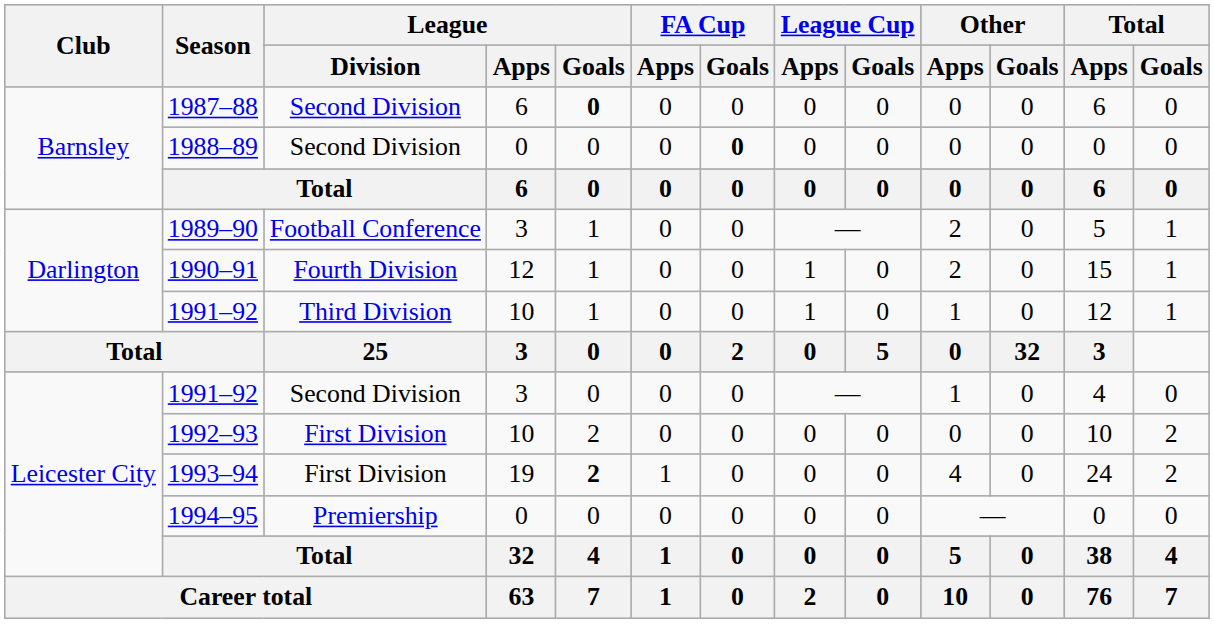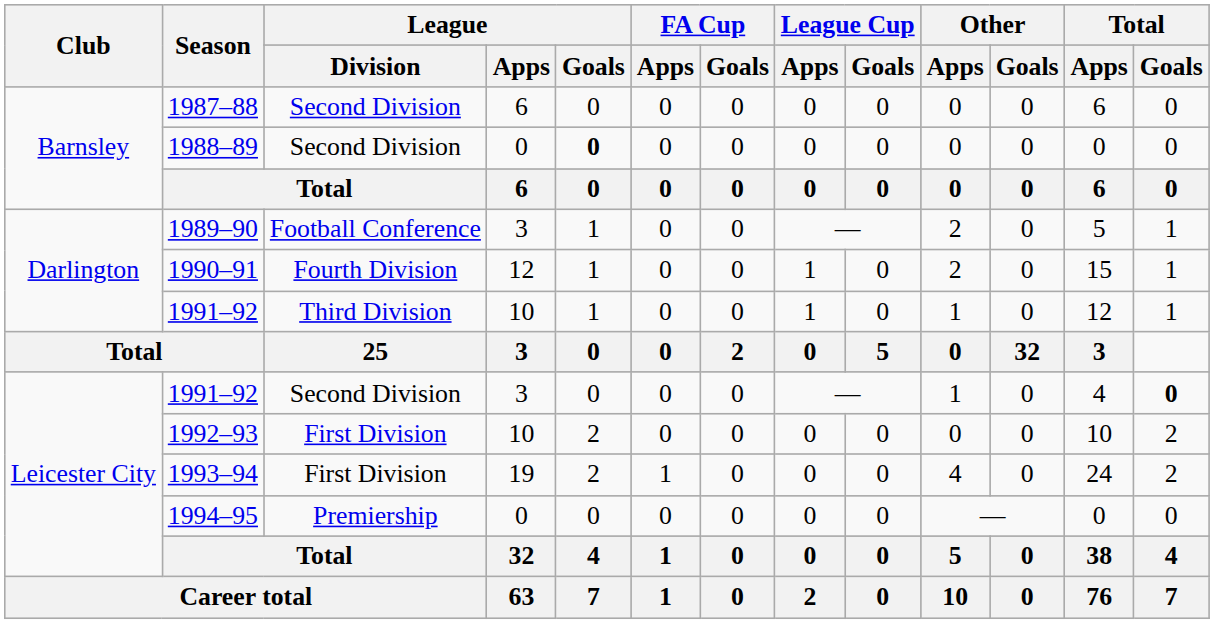 <table class=wikitable style=text-align:center>
 <tr>
 <th rowspan="2">Club</th>
 <th rowspan="2">Season</th>
 <th colspan="3">League</th>
 <th colspan="2"><a href='#'>FA Cup</a></th>
 <th colspan="2"><a href='#'>League Cup</a></th>
 <th colspan="2">Other</th>
 <th colspan="2">Total</th>
 </tr>
 <tr>
 <th>Division</th>
 <th>Apps</th>
 <th>Goals</th>
 <th>Apps</th>
 <th>Goals</th>
 <th>Apps</th>
 <th>Goals</th>
 <th>Apps</th>
 <th>Goals</th>
 <th>Apps</th>
 <th>Goals</th>
 </tr>
 <tr>
 <td rowspan="3"><a href='#'>Barnsley</a></td>
 <td><a href='#'>1987–88</a></td>
 <td><a href='#'>Second Division</a></td>
 <td>6</td>
-<td><strong>0</strong></td>
+<td>0</td>
 <td>0</td>
 <td>0</td>
 <td>0</td>
 <td>0</td>
 <td>0</td>
 <td>0</td>
 <td>6</td>
 <td>0</td>
 </tr>
 <tr>
 <td><a href='#'>1988–89</a></td>
 <td>Second Division</td>
 <td>0</td>
+<td><strong>0</strong></td>
 <td>0</td>
 <td>0</td>
-<td><strong>0</strong></td>
 <td>0</td>
 <td>0</td>
 <td>0</td>
 <td>0</td>
 <td>0</td>
 <td>0</td>
 </tr>
 <tr>
 <th colspan=2>Total</th>
 <th>6</th>
 <th>0</th>
 <th>0</th>
 <th>0</th>
 <th>0</th>
 <th>0</th>
 <th>0</th>
 <th>0</th>
 <th>6</th>
 <th>0</th>
 </tr>
 <tr>
 <td rowspan="3"><a href='#'>Darlington</a></td>
 <td><a href='#'>1989–90</a></td>
 <td><a href='#'>Football Conference</a></td>
 <td>3</td>
 <td>1</td>
 <td>0</td>
 <td>0</td>
 <td colspan="2">—</td>
 <td>2</td>
 <td>0</td>
 <td>5</td>
 <td>1</td>
 </tr>
 <tr>
 <td><a href='#'>1990–91</a></td>
 <td><a href='#'>Fourth Division</a></td>
 <td>12</td>
 <td>1</td>
 <td>0</td>
 <td>0</td>
 <td>1</td>
 <td>0</td>
 <td>2</td>
 <td>0</td>
 <td>15</td>
 <td>1</td>
 </tr>
 <tr>
 <td><a href='#'>1991–92</a></td>
 <td><a href='#'>Third Division</a></td>
 <td>10</td>
 <td>1</td>
 <td>0</td>
 <td>0</td>
 <td>1</td>
 <td>0</td>
 <td>1</td>
 <td>0</td>
 <td>12</td>
 <td>1</td>
 </tr>
 <tr>
 <th colspan=2>Total</th>
 <th>25</th>
 <th>3</th>
 <th>0</th>
 <th>0</th>
 <th>2</th>
 <th>0</th>
 <th>5</th>
 <th>0</th>
 <th>32</th>
 <th>3</th>
 </tr>
 <tr>
 <td rowspan="5"><a href='#'>Leicester City</a></td>
 <td><a href='#'>1991–92</a></td>
 <td>Second Division</td>
 <td>3</td>
 <td>0</td>
 <td>0</td>
 <td>0</td>
 <td colspan="2">—</td>
 <td>1</td>
 <td>0</td>
 <td>4</td>
-<td>0</td>
+<td><strong>0</strong></td>
 </tr>
 <tr>
 <td><a href='#'>1992–93</a></td>
 <td><a href='#'>First Division</a></td>
 <td>10</td>
 <td>2</td>
 <td>0</td>
 <td>0</td>
 <td>0</td>
 <td>0</td>
 <td>0</td>
 <td>0</td>
 <td>10</td>
 <td>2</td>
 </tr>
 <tr>
 <td><a href='#'>1993–94</a></td>
 <td>First Division</td>
 <td>19</td>
-<td><strong>2</strong></td>
+<td>2</td>
 <td>1</td>
 <td>0</td>
 <td>0</td>
 <td>0</td>
 <td>4</td>
 <td>0</td>
 <td>24</td>
 <td>2</td>
 </tr>
 <tr>
 <td><a href='#'>1994–95</a></td>
 <td><a href='#'>Premiership</a></td>
 <td>0</td>
 <td>0</td>
 <td>0</td>
 <td>0</td>
 <td>0</td>
 <td>0</td>
 <td colspan="2">—</td>
 <td>0</td>
 <td>0</td>
 </tr>
 <tr>
 <th colspan=2>Total</th>
 <th>32</th>
 <th>4</th>
 <th>1</th>
 <th>0</th>
 <th>0</th>
 <th>0</th>
 <th>5</th>
 <th>0</th>
 <th>38</th>
 <th>4</th>
 </tr>
 <tr>
 <th colspan=3>Career total</th>
 <th>63</th>
 <th>7</th>
 <th>1</th>
 <th>0</th>
 <th>2</th>
 <th>0</th>
 <th>10</th>
 <th>0</th>
 <th>76</th>
 <th>7</th>
 </tr>
 </table>
